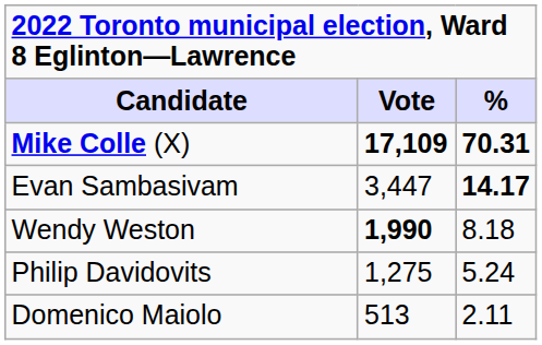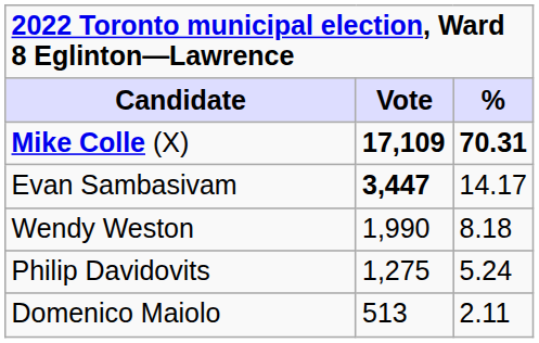 <table class="wikitable plainrowheaders">
 <tr>
 <td colspan="3"><strong><a href='#'>2022 Toronto municipal election</a>, Ward 8 Eglinton—Lawrence</strong></td>
 </tr>
 <tr>
 <th style="background:#ddf; width:200px;">Candidate</th>
 <th style="background:#ddf; width:50px;">Vote</th>
 <th style="background:#ddf; width:30px;">%</th>
 </tr>
 <tr>
 <td><strong><a href='#'>Mike Colle</a></strong> (X)</td>
 <td><strong>17,109</strong></td>
 <td><strong>70.31</strong></td>
 </tr>
 <tr>
 <td>Evan Sambasivam</td>
-<td>3,447</td>
-<td><strong>14.17</strong></td>
+<td><strong>3,447</strong></td>
+<td>14.17</td>
 </tr>
 <tr>
 <td>Wendy Weston</td>
-<td><strong>1,990</strong></td>
+<td>1,990</td>
 <td>8.18</td>
 </tr>
 <tr>
 <td>Philip Davidovits</td>
 <td>1,275</td>
 <td>5.24</td>
 </tr>
 <tr>
 <td>Domenico Maiolo</td>
 <td>513</td>
 <td>2.11</td>
 </tr>
 </table>
